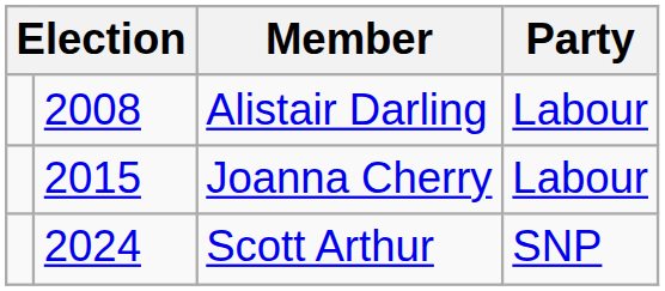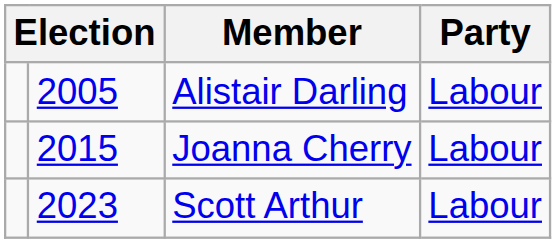 <table class="wikitable">
 <tr>
 <th colspan="2">Election</th>
 <th>Member</th>
 <th>Party</th>
 </tr>
 <tr>
 <td style="color:inherit;background-color: "></td>
-<td><a href='#'>2008</a></td>
+<td><a href='#'>2005</a></td>
 <td><a href='#'>Alistair Darling</a></td>
 <td><a href='#'>Labour</a></td>
 </tr>
 <tr>
 <td style="color:inherit;background-color: "></td>
 <td><a href='#'>2015</a></td>
 <td><a href='#'>Joanna Cherry</a></td>
 <td><a href='#'>Labour</a></td>
 </tr>
 <tr>
 <td style="color:inherit;background-color: "></td>
-<td><a href='#'>2024</a></td>
+<td><a href='#'>2023</a></td>
 <td><a href='#'>Scott Arthur</a></td>
-<td><a href='#'>SNP</a></td>
+<td><a href='#'>Labour</a></td>
 </tr>
 </table>
